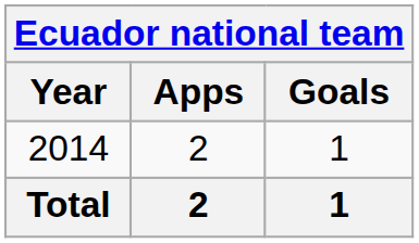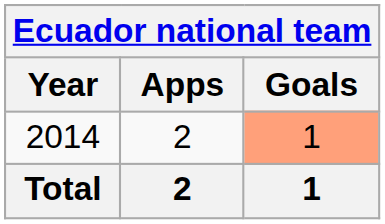 <table class="wikitable" style="text-align:center">
 <tr>
 <th colspan=3><a href='#'>Ecuador national team</a></th>
 </tr>
 <tr>
 <th>Year</th>
 <th>Apps</th>
 <th>Goals</th>
 </tr>
 <tr>
 <td>2014</td>
 <td>2</td>
-<td>1</td>
+<td style="background: lightsalmon;">1</td>
 </tr>
 <tr>
 <th>Total</th>
 <th>2</th>
 <th>1</th>
 </tr>
 </table>
